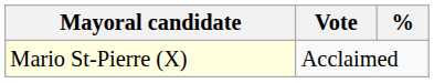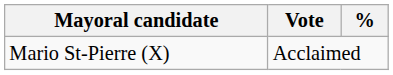 <table class="wikitable">
 <tr>
 <th bgcolor="#DDDDFF" width="200px">Mayoral candidate</th>
 <th bgcolor="#DDDDFF" width="50px">Vote</th>
 <th bgcolor="#DDDDFF" width="30px">%</th>
 </tr>
 <tr>
-<td style="background: lightyellow;">Mario St-Pierre (X)</td>
+<td>Mario St-Pierre (X)</td>
 <td colspan="2">Acclaimed</td>
 </tr>
 </table>
